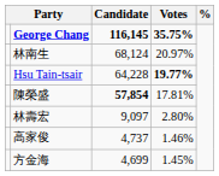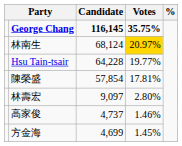 <table class="wikitable">
 <tr>
 <th colspan="2">Party</th>
 <th>Candidate</th>
 <th>Votes</th>
 <th>%</th>
 </tr>
 <tr>
 <td></td>
 <td><strong><a href='#'>George Chang</a></strong></td>
 <td align="right"><strong>116,145</strong></td>
 <td align="right"><strong>35.75%</strong></td>
 </tr>
 <tr>
 <td></td>
 <td>林南生</td>
 <td align="right">68,124</td>
-<td align="right">20.97%</td>
+<td align="right" style="background: gold;">20.97%</td>
 </tr>
 <tr>
 <td></td>
 <td><a href='#'>Hsu Tain-tsair</a></td>
 <td align="right">64,228</td>
-<td align="right"><strong>19.77%</strong></td>
+<td align="right">19.77%</td>
 </tr>
 <tr>
 <td></td>
 <td>陳榮盛</td>
-<td align="right"><strong>57,854</strong></td>
+<td align="right">57,854</td>
 <td align="right">17.81%</td>
 </tr>
 <tr>
 <td></td>
 <td>林壽宏</td>
 <td align="right">9,097</td>
 <td align="right">2.80%</td>
 </tr>
 <tr>
 <td></td>
 <td>高家俊</td>
 <td align="right">4,737</td>
 <td align="right">1.46%</td>
 </tr>
 <tr>
 <td></td>
 <td>方金海</td>
 <td align="right">4,699</td>
 <td align="right">1.45%</td>
 </tr>
 </table>
